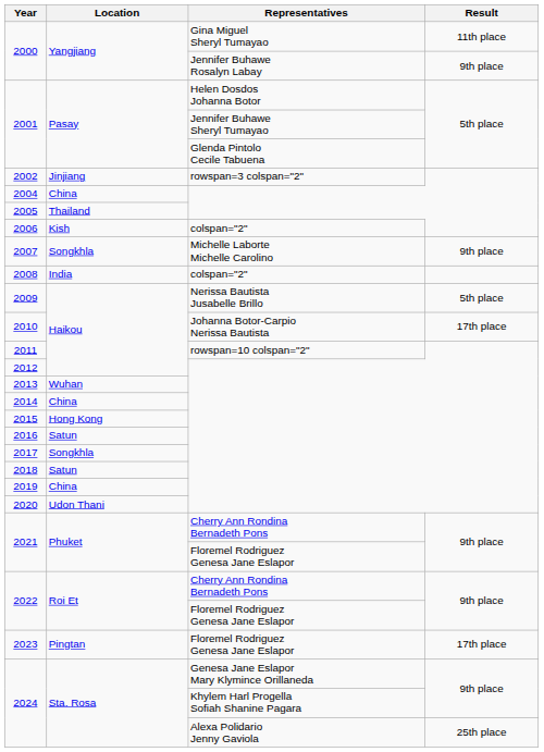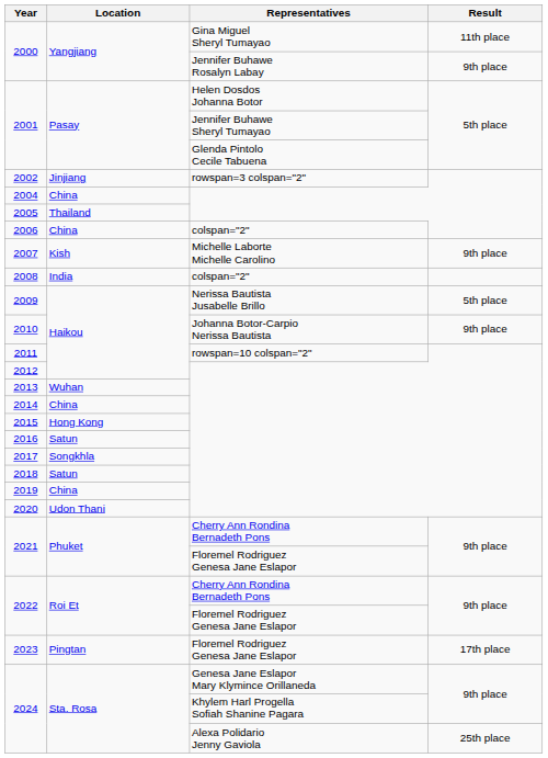 <table class="wikitable" style="font-size:100%; width:50%;">
 <tr>
 <th style= "align=center; width:10em;">Year</th>
 <th style= "align=center; width:60em;">Location</th>
 <th style= "align=center; width:100em;">Representatives</th>
 <th style= "align=center; width:50em;">Result</th>
 </tr>
 <tr>
 <td rowspan=2 align=center><a href='#'>2000</a></td>
 <td rowspan=2> <a href='#'>Yangjiang</a></td>
 <td>Gina Miguel <br> Sheryl Tumayao</td>
 <td align=center>11th place</td>
 </tr>
 <tr>
 <td>Jennifer Buhawe <br> Rosalyn Labay</td>
 <td align=center>9th place</td>
 </tr>
 <tr>
 <td rowspan=3 align=center><a href='#'>2001</a></td>
 <td rowspan=3> <a href='#'>Pasay</a></td>
 <td>Helen Dosdos <br> Johanna Botor</td>
 <td rowspan=3 align=center>5th place</td>
 </tr>
 <tr>
 <td>Jennifer Buhawe <br> Sheryl Tumayao</td>
 </tr>
 <tr>
 <td>Glenda Pintolo <br> Cecile Tabuena</td>
 </tr>
 <tr>
 <td align=center><a href='#'>2002</a></td>
 <td> <a href='#'>Jinjiang</a></td>
 <td>rowspan=3 colspan="2" <small>  </small></td>
 </tr>
 <tr>
 <td align=center><a href='#'>2004</a></td>
 <td> <a href='#'>China</a></td>
 </tr>
 <tr>
 <td align=center><a href='#'>2005</a></td>
 <td> <a href='#'>Thailand</a></td>
 </tr>
 <tr>
 <td align=center><a href='#'>2006</a></td>
-<td> <a href='#'>Kish</a></td>
+<td> <a href='#'>China</a></td>
 <td>colspan="2" <small>  </small></td>
 </tr>
 <tr>
 <td align=center><a href='#'>2007</a></td>
-<td> <a href='#'>Songkhla</a></td>
+<td> <a href='#'>Kish</a></td>
 <td>Michelle Laborte <br> Michelle Carolino</td>
 <td align=center>9th place</td>
 </tr>
 <tr>
 <td align=center><a href='#'>2008</a></td>
 <td> <a href='#'>India</a></td>
 <td>colspan="2" <small>  </small></td>
 </tr>
 <tr>
 <td align=center><a href='#'>2009</a></td>
 <td rowspan=4> <a href='#'>Haikou</a></td>
 <td>Nerissa Bautista <br> Jusabelle Brillo</td>
 <td align=center>5th place</td>
 </tr>
 <tr>
 <td align=center><a href='#'>2010</a></td>
 <td>Johanna Botor-Carpio <br> Nerissa Bautista</td>
-<td align=center>17th place</td>
+<td align=center>9th place</td>
 </tr>
 <tr>
 <td align=center><a href='#'>2011</a></td>
 <td>rowspan=10 colspan="2" <small>  </small></td>
 </tr>
 <tr>
 <td align=center><a href='#'>2012</a></td>
 </tr>
 <tr>
 <td align=center><a href='#'>2013</a></td>
 <td> <a href='#'>Wuhan</a></td>
 </tr>
 <tr>
 <td align=center><a href='#'>2014</a></td>
 <td> <a href='#'>China</a></td>
 </tr>
 <tr>
 <td align=center><a href='#'>2015</a></td>
 <td> <a href='#'>Hong Kong</a></td>
 </tr>
 <tr>
 <td align=center><a href='#'>2016</a></td>
 <td> <a href='#'>Satun</a></td>
 </tr>
 <tr>
 <td align=center><a href='#'>2017</a></td>
 <td> <a href='#'>Songkhla</a></td>
 </tr>
 <tr>
 <td align=center><a href='#'>2018</a></td>
 <td> <a href='#'>Satun</a></td>
 </tr>
 <tr>
 <td align=center><a href='#'>2019</a></td>
 <td> <a href='#'>China</a></td>
 </tr>
 <tr>
 <td align=center><a href='#'>2020</a></td>
 <td> <a href='#'>Udon Thani</a></td>
 </tr>
 <tr>
 <td rowspan=2 align=center><a href='#'>2021</a></td>
 <td rowspan=2> <a href='#'>Phuket</a></td>
 <td><a href='#'>Cherry Ann Rondina</a> <br> <a href='#'>Bernadeth Pons</a></td>
 <td rowspan=2 align=center>9th place</td>
 </tr>
 <tr>
 <td>Floremel Rodriguez <br> Genesa Jane Eslapor</td>
 </tr>
 <tr>
 <td rowspan=2 align=center><a href='#'>2022</a></td>
 <td rowspan=2> <a href='#'>Roi Et</a></td>
 <td><a href='#'>Cherry Ann Rondina</a> <br> <a href='#'>Bernadeth Pons</a></td>
 <td rowspan=2 align=center>9th place</td>
 </tr>
 <tr>
 <td>Floremel Rodriguez <br> Genesa Jane Eslapor</td>
 </tr>
 <tr>
 <td align=center><a href='#'>2023</a></td>
 <td> <a href='#'>Pingtan</a></td>
 <td>Floremel Rodriguez <br> Genesa Jane Eslapor</td>
 <td align=center>17th place</td>
 </tr>
 <tr>
 <td rowspan=3 align=center><a href='#'>2024</a></td>
 <td rowspan=3> <a href='#'>Sta. Rosa</a></td>
 <td>Genesa Jane Eslapor <br> Mary Klymince Orillaneda</td>
 <td align=center rowspan=2>9th place</td>
 </tr>
 <tr>
 <td>Khylem Harl Progella <br> Sofiah Shanine Pagara</td>
 </tr>
 <tr>
 <td>Alexa Polidario <br> Jenny Gaviola</td>
 <td align=center>25th place</td>
 </tr>
 </table>
